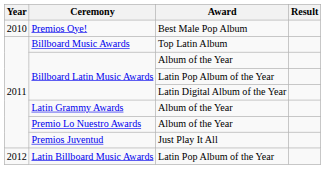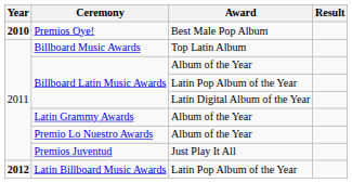 <table class="wikitable">
 <tr>
 <th>Year</th>
 <th>Ceremony</th>
 <th>Award</th>
 <th>Result</th>
 </tr>
 <tr>
-<td>2010</td>
+<td><strong>2010</strong></td>
 <td><a href='#'>Premios Oye!</a></td>
 <td>Best Male Pop Album</td>
 <td></td>
 </tr>
 <tr>
 <td rowspan=7>2011</td>
 <td><a href='#'>Billboard Music Awards</a></td>
 <td>Top Latin Album</td>
 <td></td>
 </tr>
 <tr>
 <td rowspan=3><a href='#'>Billboard Latin Music Awards</a></td>
 <td>Album of the Year</td>
 <td></td>
 </tr>
 <tr>
 <td>Latin Pop Album of the Year</td>
 <td></td>
 </tr>
 <tr>
 <td>Latin Digital Album of the Year</td>
 <td></td>
 </tr>
 <tr>
 <td><a href='#'>Latin Grammy Awards</a></td>
 <td>Album of the Year</td>
 <td></td>
 </tr>
 <tr>
 <td><a href='#'>Premio Lo Nuestro Awards</a></td>
 <td>Album of the Year</td>
 <td></td>
 </tr>
 <tr>
 <td rowspan=1><a href='#'>Premios Juventud</a></td>
 <td>Just Play It All</td>
 <td></td>
 </tr>
 <tr>
-<td rowspan=1>2012</td>
+<td rowspan=1><strong>2012</strong></td>
 <td><a href='#'>Latin Billboard Music Awards</a></td>
 <td>Latin Pop Album of the Year</td>
 <td></td>
 </tr>
 </table>
